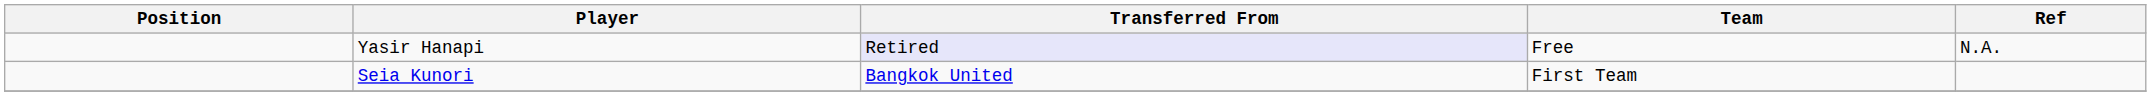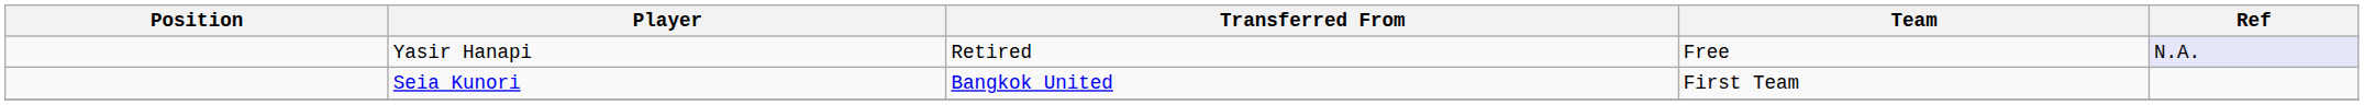 <table class="wikitable sortable" style="width:80%; text-align:center; font-size:100%; text-align:left;">
 <tr>
 <th><strong>Position</strong></th>
 <th><strong>Player</strong></th>
 <th><strong>Transferred From</strong></th>
 <th><strong>Team</strong></th>
 <th><strong>Ref</strong></th>
 </tr>
 <tr>
 <td></td>
 <td> Yasir Hanapi</td>
-<td style="background: lavender;">Retired </td>
+<td>Retired </td>
 <td>Free</td>
-<td>N.A.</td>
+<td style="background: lavender;">N.A.</td>
 </tr>
 <tr>
 <td></td>
 <td> <a href='#'>Seia Kunori</a></td>
 <td> <a href='#'>Bangkok United</a></td>
 <td>First Team</td>
 <td></td>
 </tr>
 <tr>
 </tr>
 </table>
